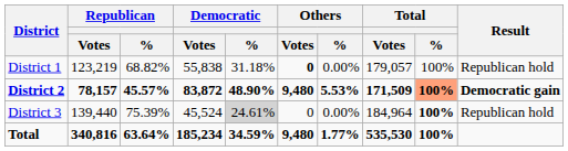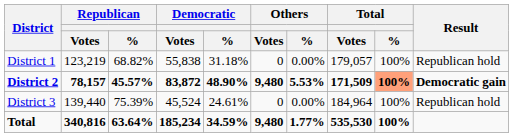 <table class="wikitable plainrowheaders sortable" style="font-size:100%; text-align:right;">
 <tr>
 <th scope=col rowspan=3><a href='#'>District</a></th>
 <th scope=col colspan=2><a href='#'>Republican</a></th>
 <th scope=col colspan=2><a href='#'>Democratic</a></th>
 <th scope=col colspan=2>Others</th>
 <th scope=col colspan=2>Total</th>
 <th scope=col rowspan=3>Result</th>
 </tr>
 <tr>
 <th scope=col colspan=2 style="background:"></th>
 <th scope=col colspan=2 style="background:"></th>
 <th scope=col colspan=2></th>
 <th scope=col colspan=2></th>
 </tr>
 <tr>
 <th scope=col data-sort-type="number">Votes</th>
 <th scope=col data-sort-type="number">%</th>
 <th scope=col data-sort-type="number">Votes</th>
 <th scope=col data-sort-type="number">%</th>
 <th scope=col data-sort-type="number">Votes</th>
 <th scope=col data-sort-type="number">%</th>
 <th scope=col data-sort-type="number">Votes</th>
 <th scope=col data-sort-type="number">%</th>
 </tr>
 <tr>
 <td align=left><a href='#'>District 1</a></td>
 <td>123,219</td>
 <td>68.82%</td>
 <td>55,838</td>
 <td>31.18%</td>
-<td><strong>0</strong></td>
+<td>0</td>
 <td>0.00%</td>
 <td>179,057</td>
 <td>100%</td>
 <td align=left>Republican hold</td>
 </tr>
 <tr>
 <td align=left><strong><a href='#'>District 2</a></strong></td>
 <td><strong>78,157</strong></td>
 <td><strong>45.57%</strong></td>
 <td><strong>83,872</strong></td>
 <td><strong>48.90%</strong></td>
 <td><strong>9,480</strong></td>
 <td><strong>5.53%</strong></td>
 <td><strong>171,509</strong></td>
 <td style="background: lightsalmon;"><strong>100%</strong></td>
 <td align=left><strong>Democratic gain</strong></td>
 </tr>
 <tr>
 <td align=left><a href='#'>District 3</a></td>
 <td>139,440</td>
 <td>75.39%</td>
 <td>45,524</td>
-<td style="background: lightgrey;">24.61%</td>
+<td>24.61%</td>
 <td>0</td>
 <td>0.00%</td>
 <td>184,964</td>
-<td><strong>100%</strong></td>
+<td>100%</td>
 <td align=left>Republican hold</td>
 </tr>
 <tr class="sortbottom" style="font-weight:bold">
 <td align=left>Total</td>
 <td>340,816</td>
 <td>63.64%</td>
 <td>185,234</td>
 <td>34.59%</td>
 <td>9,480</td>
 <td>1.77%</td>
 <td>535,530</td>
 <td>100%</td>
 <td></td>
 </tr>
 </table>
